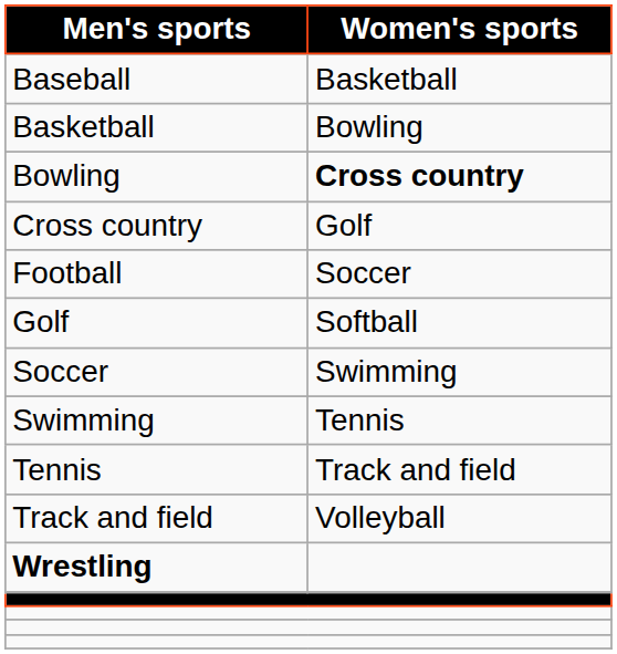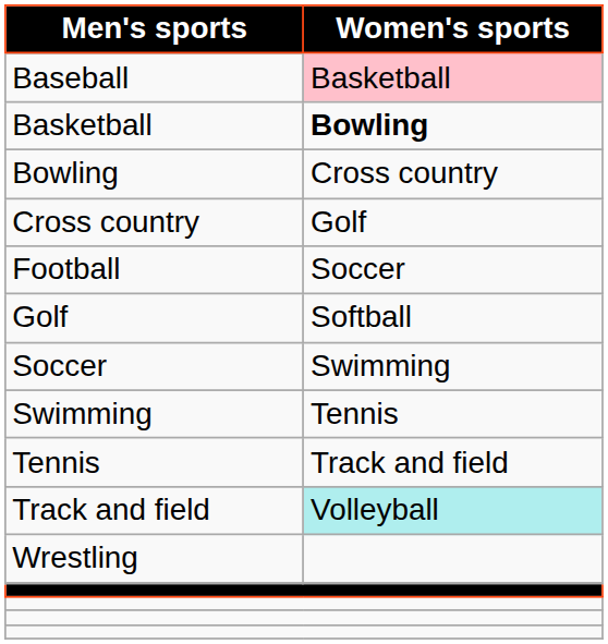 <table class="wikitable"; style= "text-align: ">
 <tr>
 <th width= 150px style="background:black; color:white; border:1px solid #FF4713">Men's sports</th>
 <th width= 150px style="background:black; color:white; border:1px solid #FF4713">Women's sports</th>
 </tr>
 <tr>
 <td>Baseball</td>
-<td>Basketball</td>
+<td style="background: pink;">Basketball</td>
 </tr>
 <tr>
 <td>Basketball</td>
-<td>Bowling</td>
+<td><strong>Bowling</strong></td>
 </tr>
 <tr>
 <td>Bowling</td>
-<td><strong>Cross country</strong></td>
+<td>Cross country</td>
 </tr>
 <tr>
 <td>Cross country</td>
 <td>Golf</td>
 </tr>
 <tr>
 <td>Football</td>
 <td>Soccer</td>
 </tr>
 <tr>
 <td>Golf</td>
 <td>Softball</td>
 </tr>
 <tr>
 <td>Soccer</td>
 <td>Swimming</td>
 </tr>
 <tr>
 <td>Swimming</td>
 <td>Tennis</td>
 </tr>
 <tr>
 <td>Tennis</td>
 <td>Track and field</td>
 </tr>
 <tr>
 <td>Track and field</td>
-<td>Volleyball</td>
+<td style="background: paleturquoise;">Volleyball</td>
 </tr>
 <tr>
-<td><strong>Wrestling</strong></td>
+<td>Wrestling</td>
 <td></td>
 </tr>
 <tr>
 <th colspan=2 style="background:black; color:white; border:1px solid #FF4713"></th>
 </tr>
 <tr>
 <td colspan=2></td>
 </tr>
 <tr>
 <td colspan=2></td>
 </tr>
 <tr>
 <td colspan=2></td>
 </tr>
 </table>
